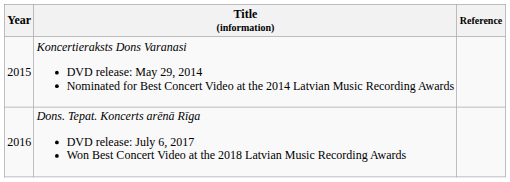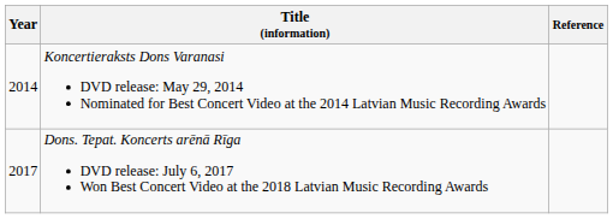 <table class="wikitable">
 <tr>
 <th>Year</th>
 <th>Title<br><small>(information)</small><br></th>
 <th><small>Reference</small></th>
 </tr>
 <tr>
-<td>2015</td>
+<td>2014</td>
 <td><em>Koncertieraksts Dons Varanasi</em><br><ul><li>DVD release: May 29, 2014</li><li>Nominated for Best Concert Video at the 2014 Latvian Music Recording Awards</li></ul></td>
 <td style="text-align:center;"></td>
 </tr>
 <tr>
-<td>2016</td>
+<td>2017</td>
 <td><em>Dons. Tepat. Koncerts arēnā Rīga</em><br><ul><li>DVD release: July 6, 2017</li><li>Won Best Concert Video at the 2018 Latvian Music Recording Awards</li></ul></td>
 <td style="text-align:center;"></td>
 </tr>
 </table>
